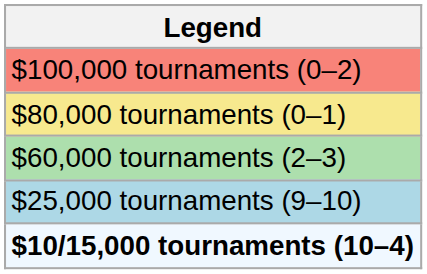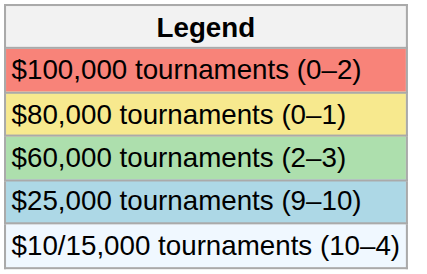 <table class=wikitable style="font-size:85%">
 <tr>
 <th>Legend</th>
 </tr>
 <tr style="background:#f88379;">
 <td>$100,000 tournaments (0–2)</td>
 </tr>
 <tr style="background:#f7e98e;">
 <td>$80,000 tournaments (0–1)</td>
 </tr>
 <tr style="background:#addfad;">
 <td>$60,000 tournaments (2–3)</td>
 </tr>
 <tr style="background:lightblue;">
 <td>$25,000 tournaments (9–10)</td>
 </tr>
 <tr style="background:#f0f8ff;">
-<td><strong>$10/15,000 tournaments (10–4)</strong></td>
+<td>$10/15,000 tournaments (10–4)</td>
 </tr>
 </table>
